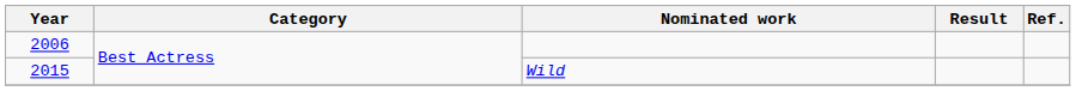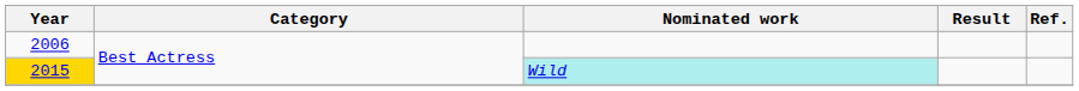 <table class=wikitable>
 <tr>
 <th scope="col" style="width:5em;">Year</th>
 <th scope="col" style="width:26em;">Category</th>
 <th scope="col" style="width:25em;">Nominated work</th>
 <th scope="col" style="width:5em;">Result</th>
 <th>Ref.</th>
 </tr>
 <tr>
 <td style="text-align:center;"><a href='#'>2006</a></td>
 <td rowspan="2"><a href='#'>Best Actress</a></td>
 <td></td>
 <td></td>
 <td style="text-align:center;"></td>
 </tr>
 <tr>
-<td style="text-align:center;"><a href='#'>2015</a></td>
-<td><em><a href='#'>Wild</a></em></td>
+<td style="background: gold; text-align:center;"><a href='#'>2015</a></td>
+<td style="background: paleturquoise;"><em><a href='#'>Wild</a></em></td>
 <td></td>
 <td style="text-align:center;"></td>
 </tr>
 <tr>
 </tr>
 </table>
